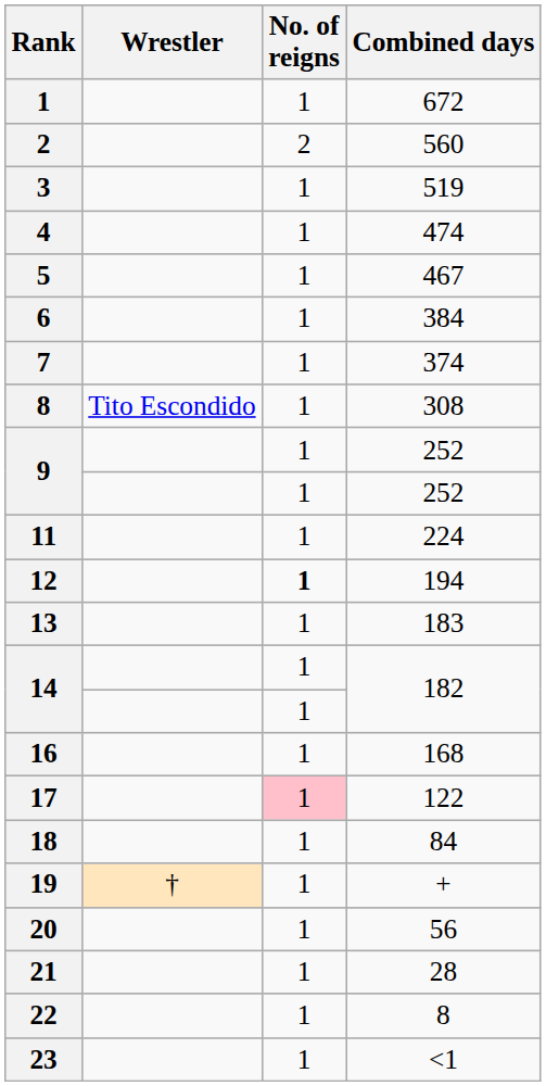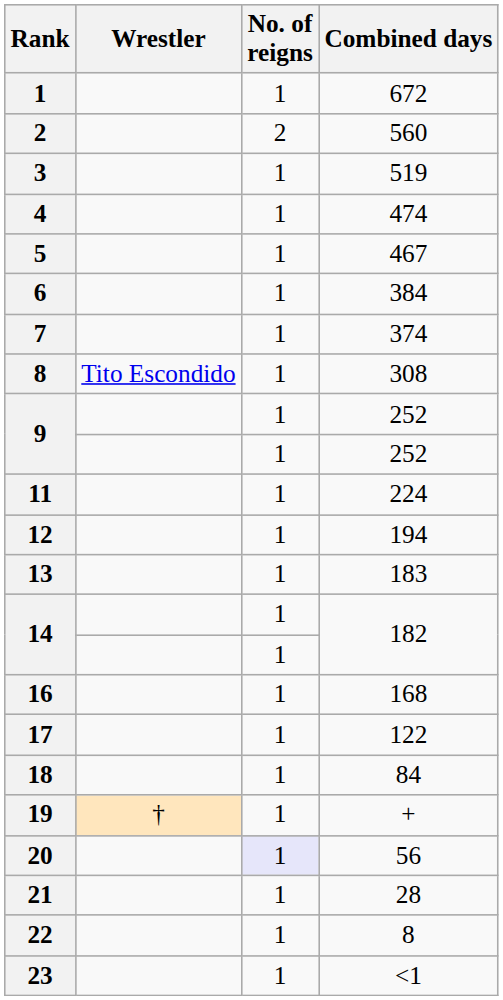 <table class="wikitable sortable" style="text-align: center">
 <tr>
 <th>Rank</th>
 <th>Wrestler</th>
 <th>No. of<br>reigns</th>
 <th data-sort-type="number">Combined days</th>
 </tr>
 <tr>
 <th>1</th>
 <td></td>
 <td>1</td>
 <td>672</td>
 </tr>
 <tr>
 <th>2</th>
 <td></td>
 <td>2</td>
 <td>560</td>
 </tr>
 <tr>
 <th>3</th>
 <td></td>
 <td>1</td>
 <td>519</td>
 </tr>
 <tr>
 <th>4</th>
 <td></td>
 <td>1</td>
 <td>474</td>
 </tr>
 <tr>
 <th>5</th>
 <td></td>
 <td>1</td>
 <td>467</td>
 </tr>
 <tr>
 <th>6</th>
 <td></td>
 <td>1</td>
 <td>384</td>
 </tr>
 <tr>
 <th>7</th>
 <td></td>
 <td>1</td>
 <td>374</td>
 </tr>
 <tr>
 <th>8</th>
 <td><a href='#'>Tito Escondido</a></td>
 <td>1</td>
 <td>308</td>
 </tr>
 <tr>
 <th rowspan=2>9</th>
 <td></td>
 <td>1</td>
 <td>252</td>
 </tr>
 <tr>
 <td></td>
 <td>1</td>
 <td>252</td>
 </tr>
 <tr>
 <th>11</th>
 <td></td>
 <td>1</td>
 <td>224</td>
 </tr>
 <tr>
 <th>12</th>
 <td></td>
-<td><strong>1</strong></td>
+<td>1</td>
 <td>194</td>
 </tr>
 <tr>
 <th>13</th>
 <td></td>
 <td>1</td>
 <td>183</td>
 </tr>
 <tr>
 <th rowspan=2>14</th>
 <td></td>
 <td>1</td>
 <td rowspan=2>182</td>
 </tr>
 <tr>
 <td></td>
 <td>1</td>
 </tr>
 <tr>
 <th>16</th>
 <td></td>
 <td>1</td>
 <td>168</td>
 </tr>
 <tr>
 <th>17</th>
 <td></td>
-<td style="background: pink;">1</td>
+<td>1</td>
 <td>122</td>
 </tr>
 <tr>
 <th>18</th>
 <td></td>
 <td>1</td>
 <td>84</td>
 </tr>
 <tr>
 <th>19</th>
 <td style="background-color: #ffe6bd;"> †</td>
 <td>1</td>
 <td>+</td>
 </tr>
 <tr>
 <th>20</th>
 <td></td>
-<td>1</td>
+<td style="background: lavender;">1</td>
 <td>56</td>
 </tr>
 <tr>
 <th>21</th>
 <td></td>
 <td>1</td>
 <td>28</td>
 </tr>
 <tr>
 <th>22</th>
 <td></td>
 <td>1</td>
 <td>8</td>
 </tr>
 <tr>
 <th>23</th>
 <td></td>
 <td>1</td>
 <td><1</td>
 </tr>
 </table>
